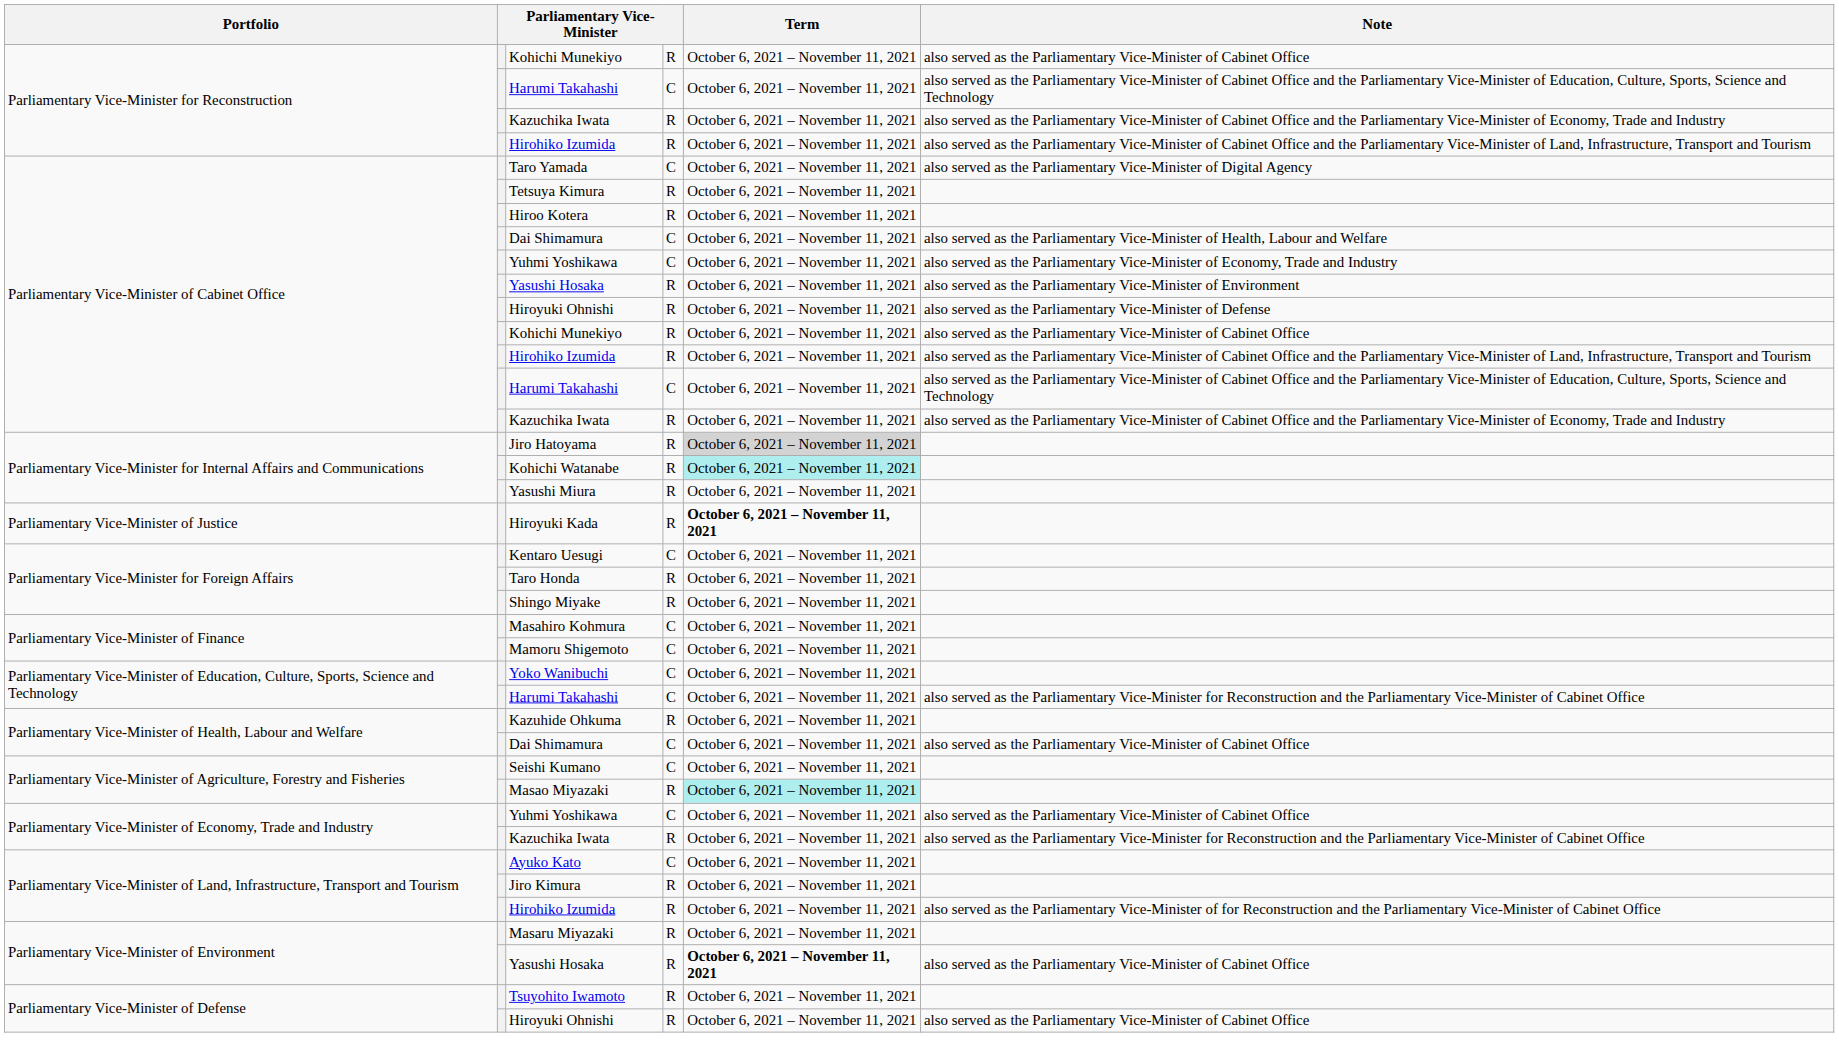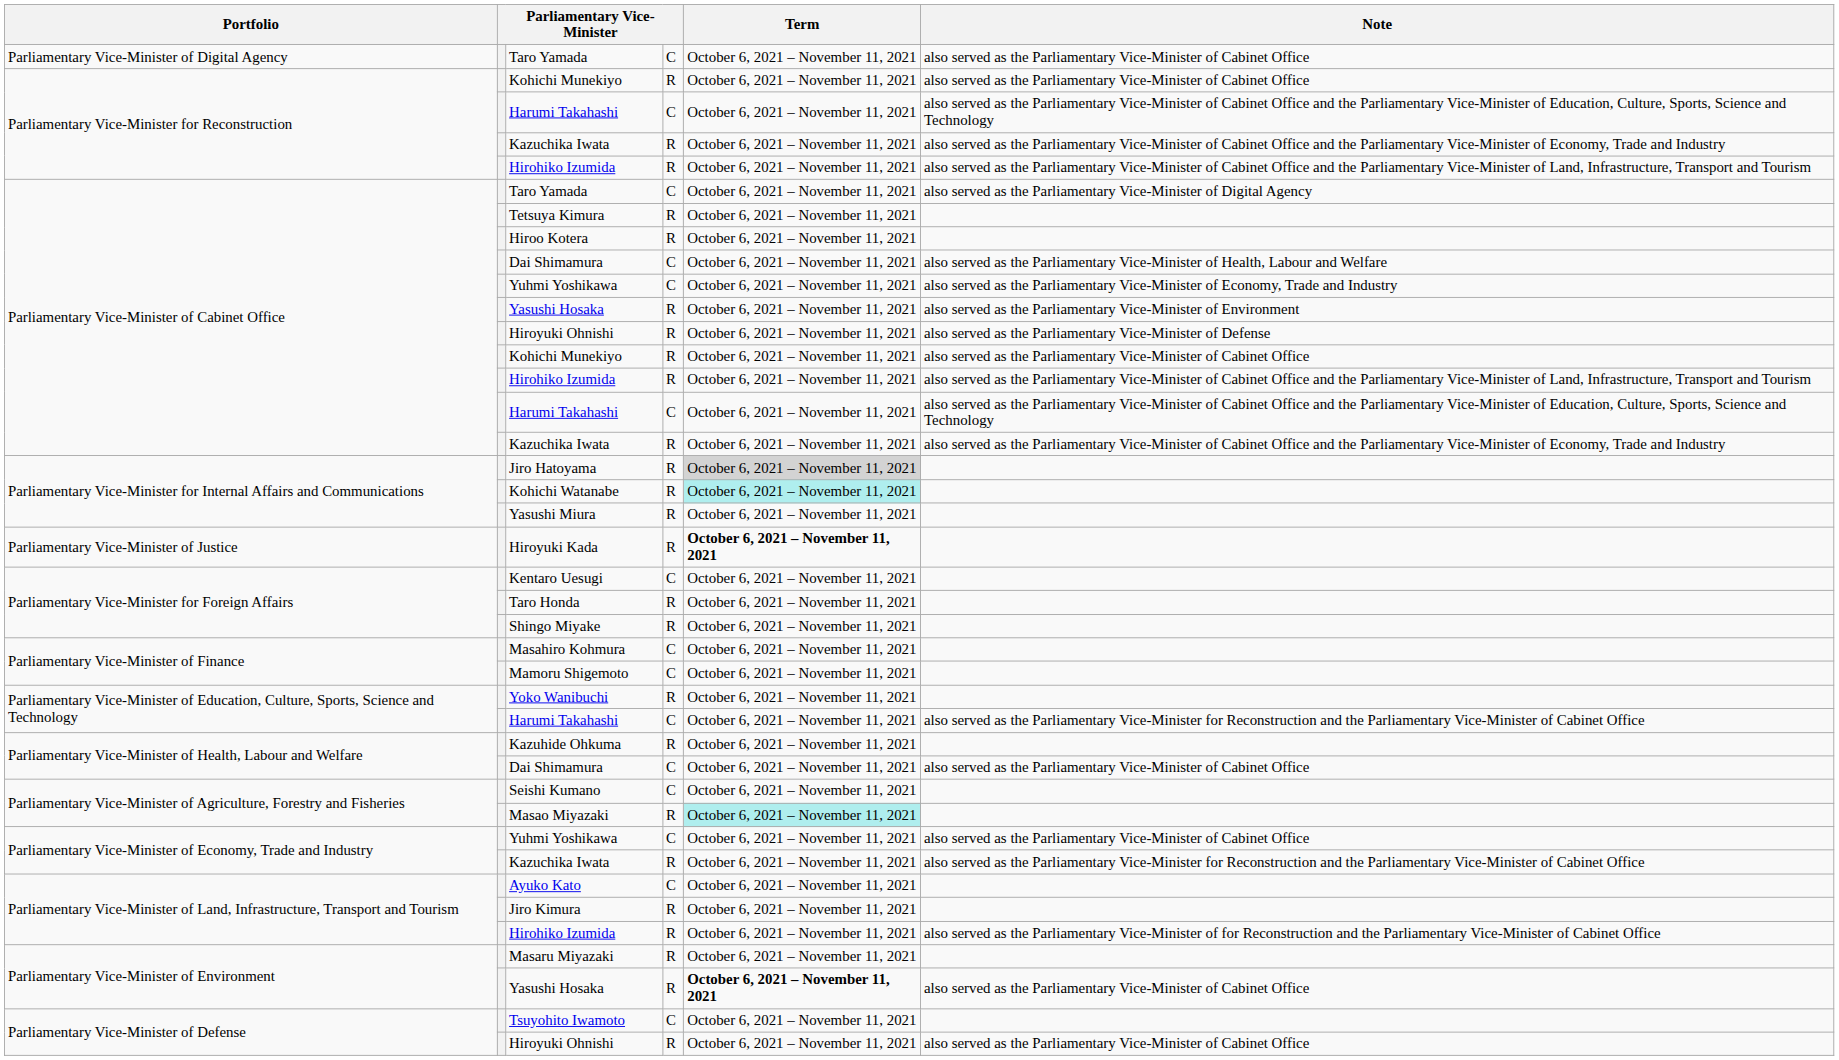 <table class="wikitable">
 <tr>
 <th>Portfolio</th>
 <th colspan="3">Parliamentary Vice-Minister</th>
 <th>Term</th>
 <th>Note</th>
+</tr>
+<tr>
+<td>Parliamentary Vice-Minister of Digital Agency</td>
+<th style="color:inherit;background-color: "></th>
+<td>Taro Yamada</td>
+<td>C</td>
+<td>October 6, 2021 – November 11, 2021</td>
+<td>also served as the Parliamentary Vice-Minister of Cabinet Office</td>
 </tr>
 <tr>
 <td rowspan=4>Parliamentary Vice-Minister for Reconstruction</td>
 <th style="color:inherit;background-color: "></th>
 <td>Kohichi Munekiyo</td>
 <td>R</td>
 <td>October 6, 2021 – November 11, 2021</td>
 <td>also served as the Parliamentary Vice-Minister of Cabinet Office</td>
 </tr>
 <tr>
 <th style="color:inherit;background-color: "></th>
 <td><a href='#'>Harumi Takahashi</a></td>
 <td>C</td>
 <td>October 6, 2021 – November 11, 2021</td>
 <td>also served as the Parliamentary Vice-Minister of Cabinet Office and the Parliamentary Vice-Minister of Education, Culture, Sports, Science and Technology</td>
 </tr>
 <tr>
 <th style="color:inherit;background-color: "></th>
 <td>Kazuchika Iwata</td>
 <td>R</td>
 <td>October 6, 2021 – November 11, 2021</td>
 <td>also served as the Parliamentary Vice-Minister of Cabinet Office and the Parliamentary Vice-Minister of Economy, Trade and Industry</td>
 </tr>
 <tr>
 <th style="color:inherit;background-color: "></th>
 <td><a href='#'>Hirohiko Izumida</a></td>
 <td>R</td>
 <td>October 6, 2021 – November 11, 2021</td>
 <td>also served as the Parliamentary Vice-Minister of Cabinet Office and the Parliamentary Vice-Minister of Land, Infrastructure, Transport and Tourism</td>
 </tr>
 <tr>
 <td rowspan=11>Parliamentary Vice-Minister of Cabinet Office</td>
 <th style="color:inherit;background-color: "></th>
 <td>Taro Yamada</td>
 <td>C</td>
 <td>October 6, 2021 – November 11, 2021</td>
 <td>also served as the Parliamentary Vice-Minister of Digital Agency</td>
 </tr>
 <tr>
 <th style="color:inherit;background-color: "></th>
 <td>Tetsuya Kimura</td>
 <td>R</td>
 <td>October 6, 2021 – November 11, 2021</td>
 <td></td>
 </tr>
 <tr>
 <th style="color:inherit;background-color: "></th>
 <td>Hiroo Kotera</td>
 <td>R</td>
 <td>October 6, 2021 – November 11, 2021</td>
 <td></td>
 </tr>
 <tr>
 <th style="color:inherit;background-color: "></th>
 <td>Dai Shimamura</td>
 <td>C</td>
 <td>October 6, 2021 – November 11, 2021</td>
 <td>also served as the Parliamentary Vice-Minister of Health, Labour and Welfare</td>
 </tr>
 <tr>
 <th style="color:inherit;background-color: "></th>
 <td>Yuhmi Yoshikawa</td>
 <td>C</td>
 <td>October 6, 2021 – November 11, 2021</td>
 <td>also served as the Parliamentary Vice-Minister of Economy, Trade and Industry</td>
 </tr>
 <tr>
 <th style="color:inherit;background-color: "></th>
 <td><a href='#'>Yasushi Hosaka</a></td>
 <td>R</td>
 <td>October 6, 2021 – November 11, 2021</td>
 <td>also served as the Parliamentary Vice-Minister of Environment</td>
 </tr>
 <tr>
 <th style="color:inherit;background-color: "></th>
 <td>Hiroyuki Ohnishi</td>
 <td>R</td>
 <td>October 6, 2021 – November 11, 2021</td>
 <td>also served as the Parliamentary Vice-Minister of Defense</td>
 </tr>
 <tr>
 <th style="color:inherit;background-color: "></th>
 <td>Kohichi Munekiyo</td>
 <td>R</td>
 <td>October 6, 2021 – November 11, 2021</td>
 <td>also served as the Parliamentary Vice-Minister of Cabinet Office</td>
 </tr>
 <tr>
 <th style="color:inherit;background-color: "></th>
 <td><a href='#'>Hirohiko Izumida</a></td>
 <td>R</td>
 <td>October 6, 2021 – November 11, 2021</td>
 <td>also served as the Parliamentary Vice-Minister of Cabinet Office and the Parliamentary Vice-Minister of Land, Infrastructure, Transport and Tourism</td>
 </tr>
 <tr>
 <th style="color:inherit;background-color: "></th>
 <td><a href='#'>Harumi Takahashi</a></td>
 <td>C</td>
 <td>October 6, 2021 – November 11, 2021</td>
 <td>also served as the Parliamentary Vice-Minister of Cabinet Office and the Parliamentary Vice-Minister of Education, Culture, Sports, Science and Technology</td>
 </tr>
 <tr>
 <th style="color:inherit;background-color: "></th>
 <td>Kazuchika Iwata</td>
 <td>R</td>
 <td>October 6, 2021 – November 11, 2021</td>
 <td>also served as the Parliamentary Vice-Minister of Cabinet Office and the Parliamentary Vice-Minister of Economy, Trade and Industry</td>
 </tr>
 <tr>
 <td rowspan=3>Parliamentary Vice-Minister for Internal Affairs and Communications</td>
 <th style="color:inherit;background-color: "></th>
 <td>Jiro Hatoyama</td>
 <td>R</td>
 <td style="background: lightgrey;">October 6, 2021 – November 11, 2021</td>
 <td></td>
 </tr>
 <tr>
 <th style="color:inherit;background-color: "></th>
 <td>Kohichi Watanabe</td>
 <td>R</td>
 <td style="background: paleturquoise;">October 6, 2021 – November 11, 2021</td>
 <td></td>
 </tr>
 <tr>
 <th style="color:inherit;background-color: "></th>
 <td>Yasushi Miura</td>
 <td>R</td>
 <td>October 6, 2021 – November 11, 2021</td>
 <td></td>
 </tr>
 <tr>
 <td>Parliamentary Vice-Minister of Justice</td>
 <th style="color:inherit;background-color: "></th>
 <td>Hiroyuki Kada</td>
 <td>R</td>
 <td><strong>October 6, 2021 – November 11, 2021</strong></td>
 <td></td>
 </tr>
 <tr>
 <td rowspan=3>Parliamentary Vice-Minister for Foreign Affairs</td>
 <th style="color:inherit;background-color: "></th>
 <td>Kentaro Uesugi</td>
 <td>C</td>
 <td>October 6, 2021 – November 11, 2021</td>
 <td></td>
 </tr>
 <tr>
 <th style="color:inherit;background-color: "></th>
 <td>Taro Honda</td>
 <td>R</td>
 <td>October 6, 2021 – November 11, 2021</td>
 <td></td>
 </tr>
 <tr>
 <th style="color:inherit;background-color: "></th>
 <td>Shingo Miyake</td>
 <td>R</td>
 <td>October 6, 2021 – November 11, 2021</td>
 <td></td>
 </tr>
 <tr>
 <td rowspan=2>Parliamentary Vice-Minister of Finance</td>
 <th style="color:inherit;background-color: "></th>
 <td>Masahiro Kohmura</td>
 <td>C</td>
 <td>October 6, 2021 – November 11, 2021</td>
 <td></td>
 </tr>
 <tr>
 <th style="color:inherit;background-color: "></th>
 <td>Mamoru Shigemoto</td>
 <td>C</td>
 <td>October 6, 2021 – November 11, 2021</td>
 <td></td>
 </tr>
 <tr>
 <td rowspan=2>Parliamentary Vice-Minister of Education, Culture, Sports, Science and Technology</td>
 <th style="color:inherit;background-color: "></th>
 <td><a href='#'>Yoko Wanibuchi</a></td>
-<td>C</td>
+<td>R</td>
 <td>October 6, 2021 – November 11, 2021</td>
 <td></td>
 </tr>
 <tr>
 <th style="color:inherit;background-color: "></th>
 <td><a href='#'>Harumi Takahashi</a></td>
 <td>C</td>
 <td>October 6, 2021 – November 11, 2021</td>
 <td>also served as the Parliamentary Vice-Minister for Reconstruction and the Parliamentary Vice-Minister of Cabinet Office</td>
 </tr>
 <tr>
 <td rowspan=2>Parliamentary Vice-Minister of Health, Labour and Welfare</td>
 <th style="color:inherit;background-color: "></th>
 <td>Kazuhide Ohkuma</td>
 <td>R</td>
 <td>October 6, 2021 – November 11, 2021</td>
 <td></td>
 </tr>
 <tr>
 <th style="color:inherit;background-color: "></th>
 <td>Dai Shimamura</td>
 <td>C</td>
 <td>October 6, 2021 – November 11, 2021</td>
 <td>also served as the Parliamentary Vice-Minister of Cabinet Office</td>
 </tr>
 <tr>
 <td rowspan=2>Parliamentary Vice-Minister of Agriculture, Forestry and Fisheries</td>
 <th style="color:inherit;background-color: "></th>
 <td>Seishi Kumano</td>
 <td>C</td>
 <td>October 6, 2021 – November 11, 2021</td>
 <td></td>
 </tr>
 <tr>
 <th style="color:inherit;background-color: "></th>
 <td>Masao Miyazaki</td>
 <td>R</td>
 <td style="background: paleturquoise;">October 6, 2021 – November 11, 2021</td>
 <td></td>
 </tr>
 <tr>
 <td rowspan=2>Parliamentary Vice-Minister of Economy, Trade and Industry</td>
 <th style="color:inherit;background-color: "></th>
 <td>Yuhmi Yoshikawa</td>
 <td>C</td>
 <td>October 6, 2021 – November 11, 2021</td>
 <td>also served as the Parliamentary Vice-Minister of Cabinet Office</td>
 </tr>
 <tr>
 <th style="color:inherit;background-color: "></th>
 <td>Kazuchika Iwata</td>
 <td>R</td>
 <td>October 6, 2021 – November 11, 2021</td>
 <td>also served as the Parliamentary Vice-Minister for Reconstruction and the Parliamentary Vice-Minister of Cabinet Office</td>
 </tr>
 <tr>
 <td rowspan=3>Parliamentary Vice-Minister of Land, Infrastructure, Transport and Tourism</td>
 <th style="color:inherit;background-color: "></th>
 <td><a href='#'>Ayuko Kato</a></td>
 <td>C</td>
 <td>October 6, 2021 – November 11, 2021</td>
 <td></td>
 </tr>
 <tr>
 <th style="color:inherit;background-color: "></th>
 <td>Jiro Kimura</td>
 <td>R</td>
 <td>October 6, 2021 – November 11, 2021</td>
 <td></td>
 </tr>
 <tr>
 <th style="color:inherit;background-color: "></th>
 <td><a href='#'>Hirohiko Izumida</a></td>
 <td>R</td>
 <td>October 6, 2021 – November 11, 2021</td>
 <td>also served as the Parliamentary Vice-Minister of for Reconstruction and the Parliamentary Vice-Minister of Cabinet Office</td>
 </tr>
 <tr>
 <td rowspan=2>Parliamentary Vice-Minister of Environment</td>
 <th style="color:inherit;background-color: "></th>
 <td>Masaru Miyazaki</td>
 <td>R</td>
 <td>October 6, 2021 – November 11, 2021</td>
 <td></td>
 </tr>
 <tr>
 <th style="color:inherit;background-color: "></th>
 <td>Yasushi Hosaka</td>
 <td>R</td>
 <td><strong>October 6, 2021 – November 11, 2021</strong></td>
 <td>also served as the Parliamentary Vice-Minister of Cabinet Office</td>
 </tr>
 <tr>
 <td rowspan=2>Parliamentary Vice-Minister of Defense</td>
 <th style="color:inherit;background-color: "></th>
 <td><a href='#'>Tsuyohito Iwamoto</a></td>
-<td>R</td>
+<td>C</td>
 <td>October 6, 2021 – November 11, 2021</td>
 <td></td>
 </tr>
 <tr>
 <th style="color:inherit;background-color: "></th>
 <td>Hiroyuki Ohnishi</td>
 <td>R</td>
 <td>October 6, 2021 – November 11, 2021</td>
 <td>also served as the Parliamentary Vice-Minister of Cabinet Office</td>
 </tr>
 </table>
